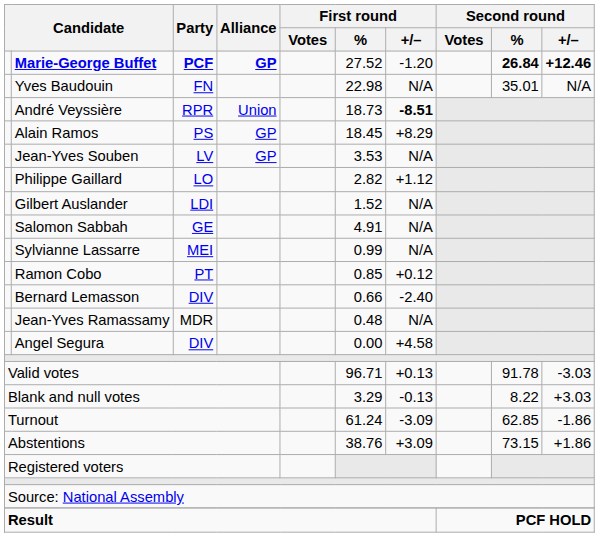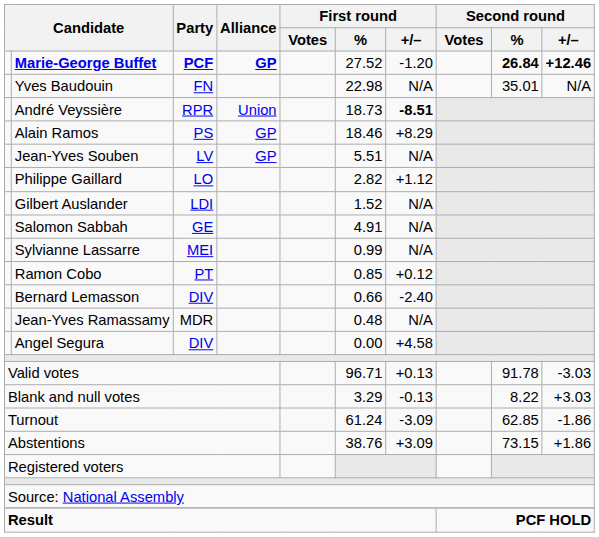 <table class="wikitable" style="text-align:right;font-size:95%;">
 <tr>
 <th rowspan="2" colspan="2">Candidate</th>
 <th rowspan="2">Party</th>
 <th rowspan="2">Alliance</th>
 <th colspan="3">First round</th>
 <th colspan="3">Second round</th>
 </tr>
 <tr>
 <th style="width:50px;">Votes</th>
 <th style="width:45px;">%</th>
 <th style="width:45px;">+/–</th>
 <th style="width:50px;">Votes</th>
 <th style="width:45px;">%</th>
 <th style="width:45px;">+/–</th>
 </tr>
 <tr>
 <td style="color:inherit;background:"></td>
 <td style="text-align:left;"><strong><a href='#'>Marie-George Buffet</a></strong></td>
 <td><a href='#'><strong>PCF</strong></a> </td>
 <td><a href='#'><strong>GP</strong></a> </td>
 <td></td>
 <td>27.52</td>
 <td>-1.20</td>
 <td><strong></strong></td>
 <td><strong>26.84</strong></td>
 <td><strong>+12.46</strong></td>
 </tr>
 <tr>
 <td style="color:inherit;background:"></td>
 <td style="text-align:left;">Yves Baudouin</td>
 <td><a href='#'>FN</a> </td>
 <td></td>
 <td></td>
 <td>22.98</td>
 <td>N/A</td>
 <td></td>
 <td>35.01</td>
 <td>N/A</td>
 </tr>
 <tr>
 <td style="color:inherit;background:"></td>
 <td style="text-align:left;">André Veyssière</td>
 <td><a href='#'>RPR</a></td>
 <td><a href='#'>Union</a></td>
 <td></td>
 <td>18.73</td>
 <td><strong>-8.51</strong></td>
 <td colspan="3" style="background:#E9E9E9;"></td>
 </tr>
 <tr>
 <td style="color:inherit;background:"></td>
 <td style="text-align:left;">Alain Ramos</td>
 <td><a href='#'>PS</a></td>
 <td><a href='#'>GP</a></td>
 <td></td>
-<td>18.45</td>
+<td>18.46</td>
 <td>+8.29</td>
 <td colspan="3" style="background:#E9E9E9;"></td>
 </tr>
 <tr>
 <td style="color:inherit;background:"></td>
 <td style="text-align:left;">Jean-Yves Souben</td>
 <td><a href='#'>LV</a></td>
 <td><a href='#'>GP</a></td>
 <td></td>
-<td>3.53</td>
+<td>5.51</td>
 <td>N/A</td>
 <td colspan="3" style="background:#E9E9E9;"></td>
 </tr>
 <tr>
 <td style="color:inherit;background:"></td>
 <td style="text-align:left;">Philippe Gaillard</td>
 <td><a href='#'>LO</a></td>
 <td></td>
 <td></td>
 <td>2.82</td>
 <td>+1.12</td>
 <td colspan="3" style="background:#E9E9E9;"></td>
 </tr>
 <tr>
 <td style="color:inherit;background:"></td>
 <td style="text-align:left;">Gilbert Auslander</td>
 <td><a href='#'>LDI</a></td>
 <td></td>
 <td></td>
 <td>1.52</td>
 <td>N/A</td>
 <td colspan="3" style="background:#E9E9E9;"></td>
 </tr>
 <tr>
 <td style="color:inherit;background:"></td>
 <td style="text-align:left;">Salomon Sabbah</td>
 <td><a href='#'>GE</a></td>
 <td></td>
 <td></td>
 <td>4.91</td>
 <td>N/A</td>
 <td colspan="3" style="background:#E9E9E9;"></td>
 </tr>
 <tr>
 <td style="color:inherit;background:"></td>
 <td style="text-align:left;">Sylvianne Lassarre</td>
 <td><a href='#'>MEI</a></td>
 <td></td>
 <td></td>
 <td>0.99</td>
 <td>N/A</td>
 <td colspan="3" style="background:#E9E9E9;"></td>
 </tr>
 <tr>
 <td style="color:inherit;background:"></td>
 <td style="text-align:left;">Ramon Cobo</td>
 <td><a href='#'>PT</a></td>
 <td></td>
 <td></td>
 <td>0.85</td>
 <td>+0.12</td>
 <td colspan="3" style="background:#E9E9E9;"></td>
 </tr>
 <tr>
 <td style="color:inherit;background:"></td>
 <td style="text-align:left;">Bernard Lemasson</td>
 <td><a href='#'>DIV</a></td>
 <td></td>
 <td></td>
 <td>0.66</td>
 <td>-2.40</td>
 <td colspan="3" style="background:#E9E9E9;"></td>
 </tr>
 <tr>
 <td style="color:inherit;background:"></td>
 <td style="text-align:left;">Jean-Yves Ramassamy</td>
 <td>MDR</td>
 <td></td>
 <td></td>
 <td>0.48</td>
 <td>N/A</td>
 <td colspan="3" style="background:#E9E9E9;"></td>
 </tr>
 <tr>
 <td style="color:inherit;background:"></td>
 <td style="text-align:left;">Angel Segura</td>
 <td><a href='#'>DIV</a></td>
 <td></td>
 <td></td>
 <td>0.00</td>
 <td>+4.58</td>
 <td colspan="3" style="background:#E9E9E9;"></td>
 </tr>
 <tr>
 <td colspan="10" style="background:#E9E9E9;"></td>
 </tr>
 <tr>
 <td colspan="4" style="text-align:left;">Valid votes</td>
 <td></td>
 <td>96.71</td>
 <td>+0.13</td>
 <td></td>
 <td>91.78</td>
 <td>-3.03</td>
 </tr>
 <tr>
 <td colspan="4" style="text-align:left;">Blank and null votes</td>
 <td></td>
 <td>3.29</td>
 <td>-0.13</td>
 <td></td>
 <td>8.22</td>
 <td>+3.03</td>
 </tr>
 <tr>
 <td colspan="4" style="text-align:left;">Turnout</td>
 <td></td>
 <td>61.24</td>
 <td>-3.09</td>
 <td></td>
 <td>62.85</td>
 <td>-1.86</td>
 </tr>
 <tr>
 <td colspan="4" style="text-align:left;">Abstentions</td>
 <td></td>
 <td>38.76</td>
 <td>+3.09</td>
 <td></td>
 <td>73.15</td>
 <td>+1.86</td>
 </tr>
 <tr>
 <td colspan="4" style="text-align:left;">Registered voters</td>
 <td></td>
 <td colspan="2" style="background:#E9E9E9;"></td>
 <td></td>
 <td colspan="2" style="background:#E9E9E9;"></td>
 </tr>
 <tr>
 <td colspan="10" style="background:#E9E9E9;"></td>
 </tr>
 <tr>
 <td colspan="10" style="text-align:left;">Source: <a href='#'>National Assembly</a></td>
 </tr>
 <tr>
 </tr>
 <tr style="font-weight:bold">
 <td colspan="7" style="text-align:left;">Result</td>
 <td colspan="7" style="background-color:">PCF HOLD</td>
 </tr>
 </table>
